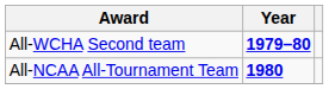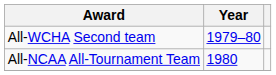 <table class="wikitable">
 <tr>
 <th>Award</th>
 <th>Year</th>
 <th></th>
 </tr>
 <tr>
 <td>All-<a href='#'>WCHA</a> <a href='#'>Second team</a></td>
-<td><strong><a href='#'>1979–80</a></strong></td>
+<td><a href='#'>1979–80</a></td>
 <td></td>
 </tr>
 <tr>
 <td>All-<a href='#'>NCAA</a> <a href='#'>All-Tournament Team</a></td>
-<td><strong><a href='#'>1980</a></strong></td>
+<td><a href='#'>1980</a></td>
 <td></td>
 </tr>
 <tr>
 </tr>
 </table>
